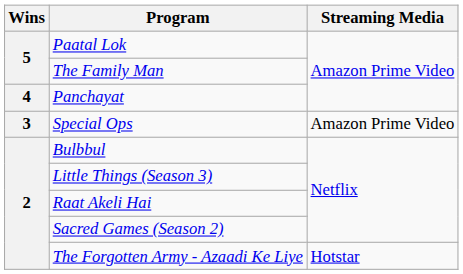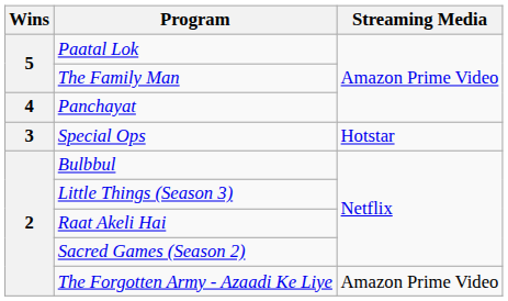 <table class="wikitable" style="display:inline-table;">
 <tr>
 <th>Wins</th>
 <th>Program</th>
 <th>Streaming Media</th>
 </tr>
 <tr>
 <th rowspan="2">5</th>
 <td><em><a href='#'>Paatal Lok</a></em></td>
 <td rowspan="3"><a href='#'>Amazon Prime Video</a></td>
 </tr>
 <tr>
 <td><a href='#'><em>The Family Man</em></a></td>
 </tr>
 <tr>
 <th>4</th>
 <td><a href='#'><em>Panchayat</em></a></td>
 </tr>
 <tr>
 <th>3</th>
 <td><a href='#'><em>Special Ops</em></a></td>
-<td>Amazon Prime Video</td>
+<td><a href='#'>Hotstar</a></td>
 </tr>
 <tr>
 <th rowspan="5">2</th>
 <td><em><a href='#'>Bulbbul</a></em></td>
 <td rowspan="4"><a href='#'>Netflix</a></td>
 </tr>
 <tr>
 <td><a href='#'><em>Little Things (Season 3)</em></a></td>
 </tr>
 <tr>
 <td><em><a href='#'>Raat Akeli Hai</a></em></td>
 </tr>
 <tr>
 <td><a href='#'><em>Sacred Games (Season 2)</em></a></td>
 </tr>
 <tr>
 <td><em><a href='#'>The Forgotten Army - Azaadi Ke Liye</a></em></td>
-<td><a href='#'>Hotstar</a></td>
+<td>Amazon Prime Video</td>
 </tr>
 </table>
